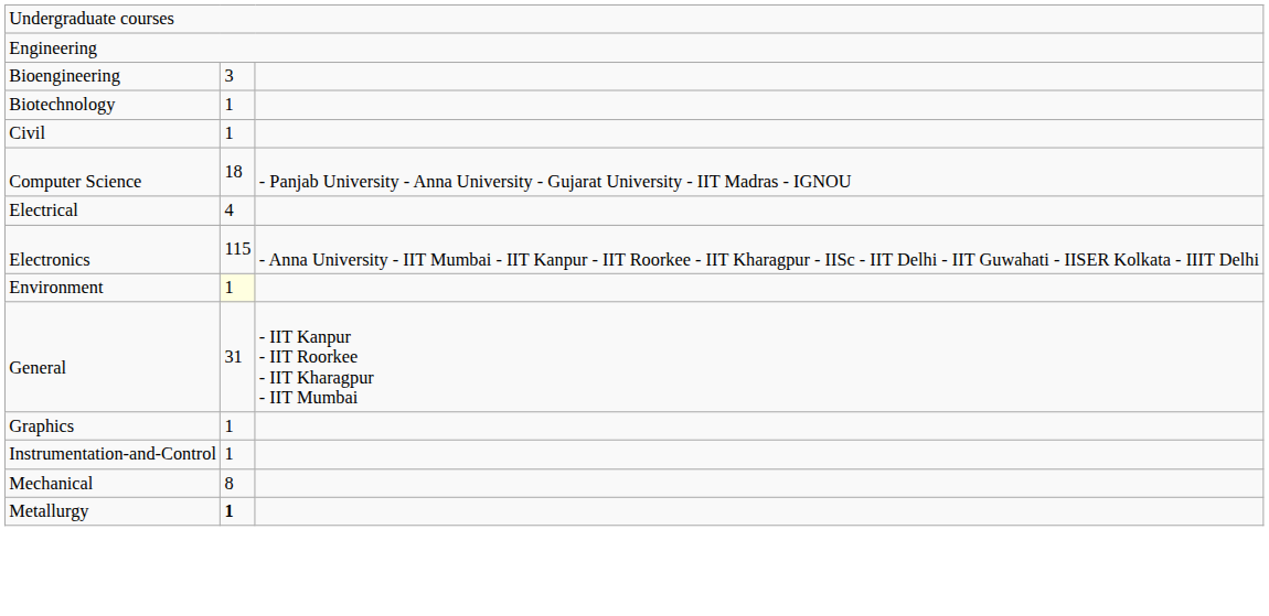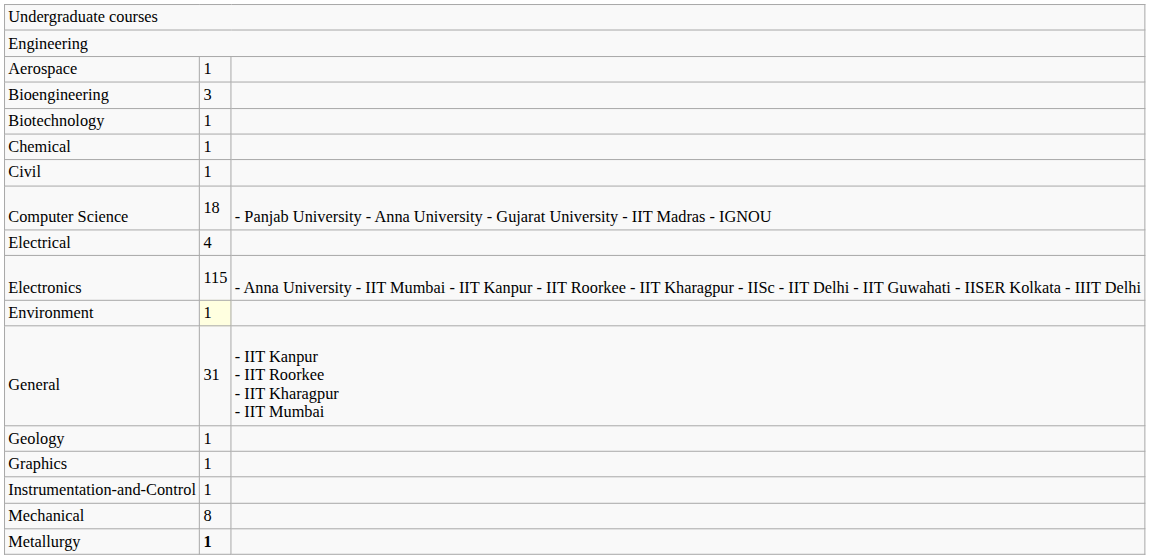 <table class="wikitable">
 <tr>
 <td colspan="3">Undergraduate courses</td>
 </tr>
 <tr>
 <td colspan="3">Engineering</td>
 </tr>
 <tr>
+<td>Aerospace</td>
+<td>1</td>
+<td></td>
+</tr>
+<tr>
 <td>Bioengineering</td>
 <td>3</td>
 <td></td>
 </tr>
 <tr>
 <td>Biotechnology</td>
+<td>1</td>
+<td></td>
+</tr>
+<tr>
+<td>Chemical</td>
 <td>1</td>
 <td></td>
 </tr>
 <tr>
 <td>Civil</td>
 <td>1</td>
 <td></td>
 </tr>
 <tr>
 <td><br>Computer Science</td>
 <td>18</td>
 <td><br>- Panjab University - Anna University - Gujarat University - IIT Madras - IGNOU</td>
 </tr>
 <tr>
 <td>Electrical</td>
 <td>4</td>
 <td></td>
 </tr>
 <tr>
 <td><br>Electronics</td>
 <td>115</td>
 <td><br>- Anna University - IIT Mumbai - IIT Kanpur - IIT Roorkee - IIT Kharagpur - IISc - IIT Delhi - IIT Guwahati - IISER Kolkata - IIIT Delhi</td>
 </tr>
 <tr>
 <td>Environment</td>
 <td style="background: lightyellow;">1</td>
 <td></td>
 </tr>
 <tr>
 <td><br>General</td>
 <td>31</td>
 <td><br>- IIT Kanpur<br>- IIT Roorkee<br>- IIT Kharagpur<br>- IIT Mumbai</td>
 </tr>
 <tr>
+<td>Geology</td>
+<td>1</td>
+<td></td>
+</tr>
+<tr>
 <td>Graphics</td>
 <td>1</td>
 <td></td>
 </tr>
 <tr>
 <td>Instrumentation-and-Control</td>
 <td>1</td>
 <td></td>
 </tr>
 <tr>
 <td>Mechanical</td>
 <td>8</td>
 <td></td>
 </tr>
 <tr>
 <td>Metallurgy</td>
 <td><strong>1</strong></td>
 <td></td>
 </tr>
 </table>
